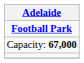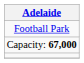 <table class="wikitable" style="text-align:center">
 <tr>
 <th><a href='#'>Adelaide</a></th>
 </tr>
 <tr>
-<td><strong><a href='#'>Football Park</a></strong></td>
+<td><a href='#'>Football Park</a></td>
 </tr>
 <tr>
 <td>Capacity: <strong>67,000</strong></td>
 </tr>
 <tr>
 <td></td>
 </tr>
 <tr>
 </tr>
 </table>
